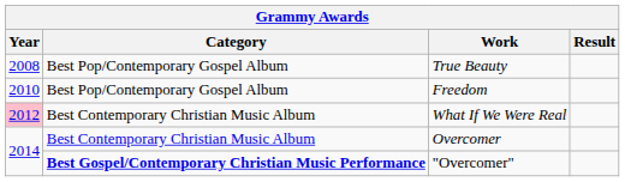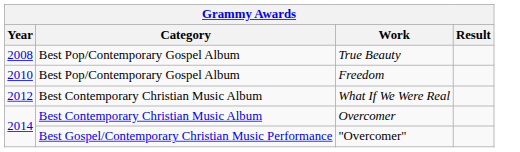 <table class="wikitable">
 <tr>
 <th colspan=4><a href='#'>Grammy Awards</a></th>
 </tr>
 <tr>
 <th>Year</th>
 <th>Category</th>
 <th>Work</th>
 <th>Result</th>
 </tr>
 <tr>
 <td><a href='#'>2008</a></td>
 <td>Best Pop/Contemporary Gospel Album</td>
 <td><em>True Beauty</em></td>
 <td></td>
 </tr>
 <tr>
 <td><a href='#'>2010</a></td>
 <td>Best Pop/Contemporary Gospel Album</td>
 <td><em>Freedom</em></td>
 <td></td>
 </tr>
 <tr>
-<td style="background: pink;"><a href='#'>2012</a></td>
+<td><a href='#'>2012</a></td>
 <td>Best Contemporary Christian Music Album</td>
 <td><em>What If We Were Real</em></td>
 <td></td>
 </tr>
 <tr>
 <td rowspan="2"><a href='#'>2014</a></td>
 <td><a href='#'>Best Contemporary Christian Music Album</a></td>
 <td><em>Overcomer</em></td>
 <td></td>
 </tr>
 <tr>
-<td><strong><a href='#'>Best Gospel/Contemporary Christian Music Performance</a></strong></td>
+<td><a href='#'>Best Gospel/Contemporary Christian Music Performance</a></td>
 <td>"Overcomer"</td>
 <td></td>
 </tr>
 </table>
